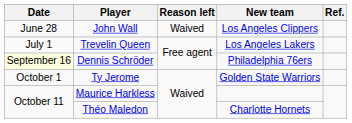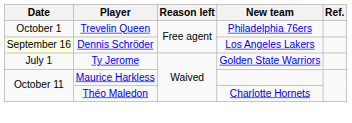 <table class="wikitable sortable sortable" style="text-align: center">
 <tr>
 <th>Date</th>
 <th>Player</th>
 <th>Reason left</th>
 <th>New team</th>
 <th>Ref.</th>
 </tr>
 <tr>
-<td>June 28</td>
-<td><a href='#'>John Wall</a></td>
-<td>Waived</td>
-<td><a href='#'>Los Angeles Clippers</a></td>
-<td></td>
-</tr>
-<tr>
-<td>July 1</td>
+<td>October 1</td>
 <td><a href='#'>Trevelin Queen</a></td>
 <td rowspan="2">Free agent</td>
-<td><a href='#'>Los Angeles Lakers</a></td>
+<td><a href='#'>Philadelphia 76ers</a></td>
 <td></td>
 </tr>
 <tr>
 <td style="background: lightyellow;">September 16</td>
 <td><a href='#'>Dennis Schröder</a></td>
-<td><a href='#'>Philadelphia 76ers</a></td>
+<td><a href='#'>Los Angeles Lakers</a></td>
 <td></td>
 </tr>
 <tr>
-<td>October 1</td>
+<td>July 1</td>
 <td><a href='#'>Ty Jerome</a></td>
 <td rowspan="3">Waived</td>
 <td><a href='#'>Golden State Warriors</a></td>
 <td></td>
 </tr>
 <tr>
 <td rowspan="2">October 11</td>
 <td><a href='#'>Maurice Harkless</a></td>
 <td></td>
 <td rowspan="2"></td>
 </tr>
 <tr>
 <td><a href='#'>Théo Maledon</a></td>
 <td><a href='#'>Charlotte Hornets</a></td>
 </tr>
 </table>
